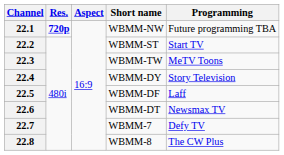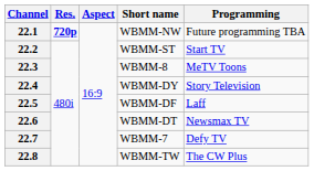 <table class="wikitable">
 <tr>
 <th scope = "col"><a href='#'>Channel</a></th>
 <th scope = "col"><a href='#'>Res.</a></th>
 <th scope = "col"><a href='#'>Aspect</a></th>
 <th scope = "col">Short name</th>
 <th scope = "col">Programming</th>
 </tr>
 <tr>
 <th scope = "row">22.1</th>
 <td><strong><a href='#'>720p</a></strong></td>
 <td rowspan=8><a href='#'>16:9</a></td>
 <td>WBMM-NW</td>
 <td>Future programming TBA</td>
 </tr>
 <tr>
 <th scope = "row">22.2</th>
 <td rowspan=7><a href='#'>480i</a></td>
 <td>WBMM-ST</td>
 <td><a href='#'>Start TV</a></td>
 </tr>
 <tr>
 <th scope = "row">22.3</th>
-<td>WBMM-TW</td>
+<td>WBMM-8</td>
 <td><a href='#'>MeTV Toons</a></td>
 </tr>
 <tr>
 <th scope = "row">22.4</th>
 <td>WBMM-DY</td>
 <td><a href='#'>Story Television</a></td>
 </tr>
 <tr>
 <th scope = "row">22.5</th>
 <td>WBMM-DF</td>
 <td><a href='#'>Laff</a></td>
 </tr>
 <tr>
 <th scope = "row">22.6</th>
 <td>WBMM-DT</td>
 <td><a href='#'>Newsmax TV</a></td>
 </tr>
 <tr>
 <th scope = "row">22.7</th>
 <td>WBMM-7</td>
 <td><a href='#'>Defy TV</a></td>
 </tr>
 <tr>
 <th scope = "row">22.8</th>
-<td>WBMM-8</td>
+<td>WBMM-TW</td>
 <td><a href='#'>The CW Plus</a></td>
 </tr>
 </table>
